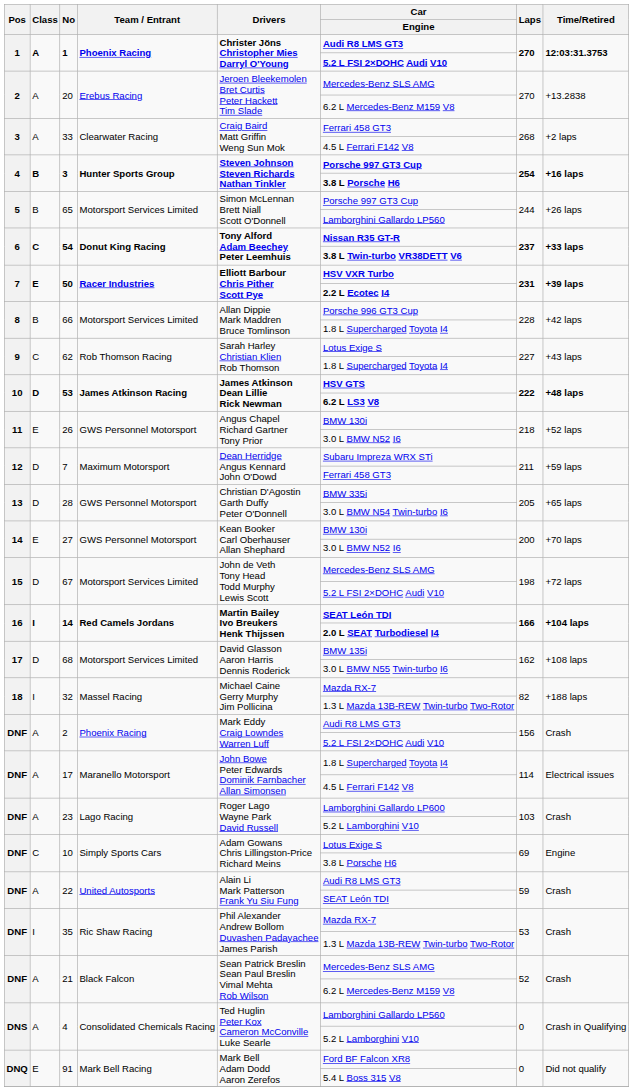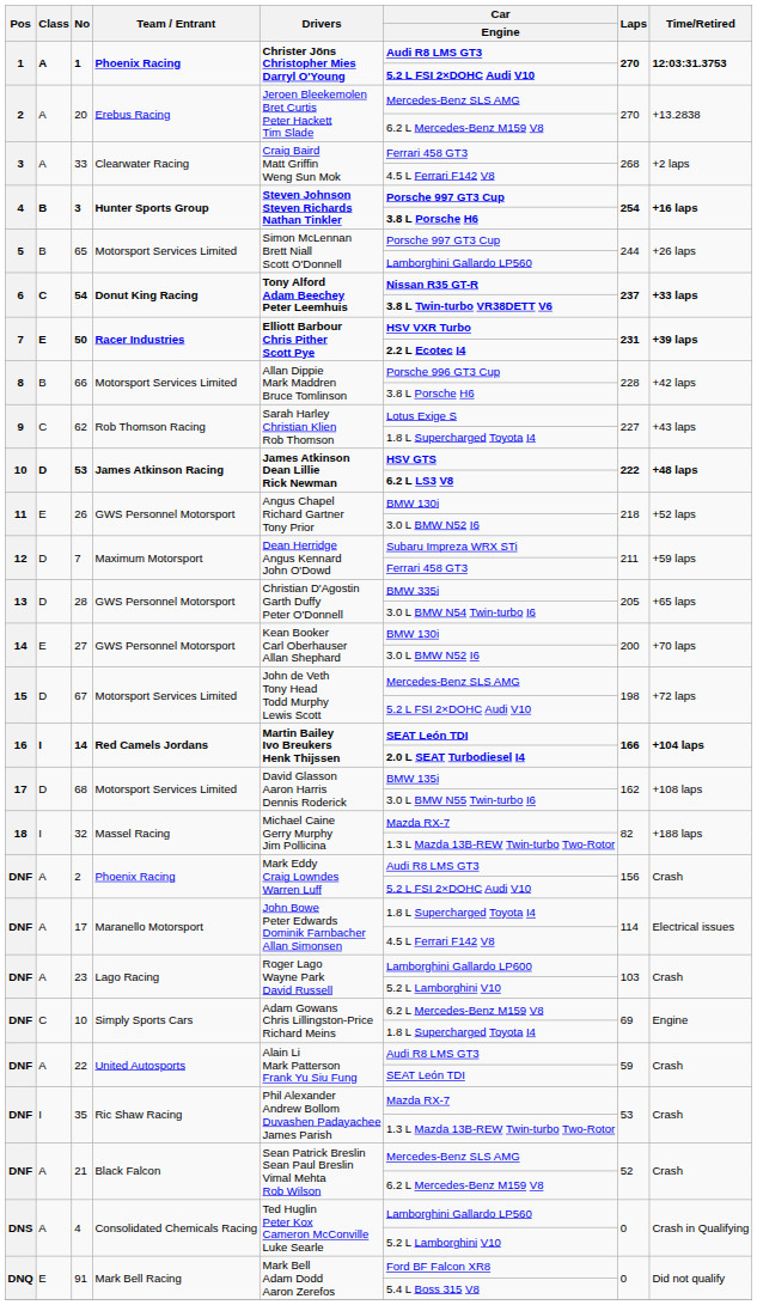 <table class="wikitable" style="font-size: 95%;">
 <tr>
 <th rowspan=2>Pos</th>
 <th rowspan=2>Class</th>
 <th rowspan=2>No</th>
 <th rowspan=2>Team / Entrant</th>
 <th rowspan=2>Drivers</th>
 <th>Car</th>
 <th rowspan=2>Laps</th>
 <th rowspan=2>Time/Retired</th>
 </tr>
 <tr>
 <th>Engine</th>
 </tr>
 <tr style="font-weight:bold">
 <th rowspan=2>1</th>
 <td rowspan=2>A</td>
 <td rowspan=2>1</td>
 <td rowspan=2> <a href='#'>Phoenix Racing</a></td>
 <td rowspan=2> Christer Jöns<br>  <a href='#'>Christopher Mies</a><br>  <a href='#'>Darryl O'Young</a></td>
 <td><a href='#'>Audi R8 LMS GT3</a></td>
 <td rowspan=2>270</td>
 <td rowspan=2>12:03:31.3753</td>
 </tr>
 <tr style="font-weight:bold">
 <td><a href='#'>5.2 L FSI 2×DOHC</a> <a href='#'>Audi</a> <a href='#'>V10</a></td>
 </tr>
 <tr>
 <th rowspan=2>2</th>
 <td rowspan=2>A</td>
 <td rowspan=2>20</td>
 <td rowspan=2> <a href='#'>Erebus Racing</a></td>
 <td rowspan=2> <a href='#'>Jeroen Bleekemolen</a><br>  <a href='#'>Bret Curtis</a><br>  <a href='#'>Peter Hackett</a><br>  <a href='#'>Tim Slade</a></td>
 <td><a href='#'>Mercedes-Benz SLS AMG</a></td>
 <td rowspan=2>270</td>
 <td rowspan=2>+13.2838</td>
 </tr>
 <tr>
 <td>6.2 L <a href='#'>Mercedes-Benz M159</a> <a href='#'>V8</a></td>
 </tr>
 <tr>
 <th rowspan=2>3</th>
 <td rowspan=2>A</td>
 <td rowspan=2>33</td>
 <td rowspan=2> Clearwater Racing</td>
 <td rowspan=2> <a href='#'>Craig Baird</a><br>  Matt Griffin<br>  Weng Sun Mok</td>
 <td><a href='#'>Ferrari 458 GT3</a></td>
 <td rowspan=2>268</td>
 <td rowspan=2>+2 laps</td>
 </tr>
 <tr>
 <td>4.5 L <a href='#'>Ferrari F142</a> <a href='#'>V8</a></td>
 </tr>
 <tr style="font-weight:bold">
 <th rowspan=2>4</th>
 <td rowspan=2>B</td>
 <td rowspan=2>3</td>
 <td rowspan=2> Hunter Sports Group</td>
 <td rowspan=2> <a href='#'>Steven Johnson</a><br>  <a href='#'>Steven Richards</a><br>  <a href='#'>Nathan Tinkler</a></td>
 <td><a href='#'>Porsche 997 GT3 Cup</a></td>
 <td rowspan=2>254</td>
 <td rowspan=2>+16 laps</td>
 </tr>
 <tr style="font-weight:bold">
 <td>3.8 L <a href='#'>Porsche</a> <a href='#'>H6</a></td>
 </tr>
 <tr>
 <th rowspan=2>5</th>
 <td rowspan=2>B</td>
 <td rowspan=2>65</td>
 <td rowspan=2> Motorsport Services Limited</td>
 <td rowspan=2> Simon McLennan<br>  Brett Niall<br>  Scott O'Donnell</td>
 <td><a href='#'>Porsche 997 GT3 Cup</a></td>
 <td rowspan=2>244</td>
 <td rowspan=2>+26 laps</td>
 </tr>
 <tr>
 <td><a href='#'>Lamborghini Gallardo LP560</a></td>
 </tr>
 <tr style="font-weight:bold">
 <th rowspan=2>6</th>
 <td rowspan=2>C</td>
 <td rowspan=2>54</td>
 <td rowspan=2> Donut King Racing</td>
 <td rowspan=2> Tony Alford<br>  <a href='#'>Adam Beechey</a><br> Peter Leemhuis</td>
 <td><a href='#'>Nissan R35 GT-R</a></td>
 <td rowspan=2>237</td>
 <td rowspan=2>+33 laps</td>
 </tr>
 <tr style="font-weight:bold">
 <td>3.8 L <a href='#'>Twin-turbo</a> <a href='#'>VR38DETT</a> <a href='#'>V6</a></td>
 </tr>
 <tr style="font-weight:bold">
 <th rowspan=2>7</th>
 <td rowspan=2>E</td>
 <td rowspan=2>50</td>
 <td rowspan=2> <a href='#'>Racer Industries</a></td>
 <td rowspan=2> Elliott Barbour<br> <a href='#'>Chris Pither</a><br> <a href='#'>Scott Pye</a></td>
 <td><a href='#'>HSV VXR Turbo</a></td>
 <td rowspan=2>231</td>
 <td rowspan=2>+39 laps</td>
 </tr>
 <tr style="font-weight:bold">
 <td>2.2 L <a href='#'>Ecotec</a> <a href='#'>I4</a></td>
 </tr>
 <tr>
 <th rowspan=2>8</th>
 <td rowspan=2>B</td>
 <td rowspan=2>66</td>
 <td rowspan=2> Motorsport Services Limited</td>
 <td rowspan=2> Allan Dippie<br>  Mark Maddren<br>  Bruce Tomlinson</td>
 <td><a href='#'>Porsche 996 GT3 Cup</a></td>
 <td rowspan=2>228</td>
 <td rowspan=2>+42 laps</td>
 </tr>
 <tr>
-<td>1.8 L <a href='#'>Supercharged</a> <a href='#'>Toyota</a> <a href='#'>I4</a></td>
+<td>3.8 L <a href='#'>Porsche</a> <a href='#'>H6</a></td>
 </tr>
 <tr>
 <th rowspan=2>9</th>
 <td rowspan=2>C</td>
 <td rowspan=2>62</td>
 <td rowspan=2> Rob Thomson Racing</td>
 <td rowspan=2> Sarah Harley<br>  <a href='#'>Christian Klien</a><br>  Rob Thomson</td>
 <td><a href='#'>Lotus Exige S</a></td>
 <td rowspan=2>227</td>
 <td rowspan=2>+43 laps</td>
 </tr>
 <tr>
 <td>1.8 L <a href='#'>Supercharged</a> <a href='#'>Toyota</a> <a href='#'>I4</a></td>
 </tr>
 <tr style="font-weight:bold">
 <th rowspan=2>10</th>
 <td rowspan=2>D</td>
 <td rowspan=2>53</td>
 <td rowspan=2> James Atkinson Racing</td>
 <td rowspan=2> James Atkinson<br>  Dean Lillie<br> Rick Newman</td>
 <td><a href='#'>HSV GTS</a></td>
 <td rowspan=2>222</td>
 <td rowspan=2>+48 laps</td>
 </tr>
 <tr style="font-weight:bold">
 <td>6.2 L <a href='#'>LS3</a> <a href='#'>V8</a></td>
 </tr>
 <tr>
 <th rowspan=2>11</th>
 <td rowspan=2>E</td>
 <td rowspan=2>26</td>
 <td rowspan=2> GWS Personnel Motorsport</td>
 <td rowspan=2> Angus Chapel<br>  Richard Gartner<br>  Tony Prior</td>
 <td><a href='#'>BMW 130i</a></td>
 <td rowspan=2>218</td>
 <td rowspan=2>+52 laps</td>
 </tr>
 <tr>
 <td>3.0 L <a href='#'>BMW N52</a> <a href='#'>I6</a></td>
 </tr>
 <tr>
 <th rowspan=2>12</th>
 <td rowspan=2>D</td>
 <td rowspan=2>7</td>
 <td rowspan=2> Maximum Motorsport</td>
 <td rowspan=2> <a href='#'>Dean Herridge</a><br>  Angus Kennard<br>  John O'Dowd</td>
 <td><a href='#'>Subaru Impreza WRX STi</a></td>
 <td rowspan=2>211</td>
 <td rowspan=2>+59 laps</td>
 </tr>
 <tr>
 <td><a href='#'>Ferrari 458 GT3</a></td>
 </tr>
 <tr>
 <th rowspan=2>13</th>
 <td rowspan=2>D</td>
 <td rowspan=2>28</td>
 <td rowspan=2> GWS Personnel Motorsport</td>
 <td rowspan=2> Christian D'Agostin<br>  Garth Duffy<br> Peter O'Donnell</td>
 <td><a href='#'>BMW 335i</a></td>
 <td rowspan=2>205</td>
 <td rowspan=2>+65 laps</td>
 </tr>
 <tr>
 <td>3.0 L <a href='#'>BMW N54</a> <a href='#'>Twin-turbo</a> <a href='#'>I6</a></td>
 </tr>
 <tr>
 <th rowspan=2>14</th>
 <td rowspan=2>E</td>
 <td rowspan=2>27</td>
 <td rowspan=2> GWS Personnel Motorsport</td>
 <td rowspan=2> Kean Booker<br>  Carl Oberhauser<br>  Allan Shephard</td>
 <td><a href='#'>BMW 130i</a></td>
 <td rowspan=2>200</td>
 <td rowspan=2>+70 laps</td>
 </tr>
 <tr>
 <td>3.0 L <a href='#'>BMW N52</a> <a href='#'>I6</a></td>
 </tr>
 <tr>
 <th rowspan=2>15</th>
 <td rowspan=2>D</td>
 <td rowspan=2>67</td>
 <td rowspan=2> Motorsport Services Limited</td>
 <td rowspan=2> John de Veth<br>  Tony Head<br> Todd Murphy<br> Lewis Scott</td>
 <td><a href='#'>Mercedes-Benz SLS AMG</a></td>
 <td rowspan=2>198</td>
 <td rowspan=2>+72 laps</td>
 </tr>
 <tr>
 <td><a href='#'>5.2 L FSI 2×DOHC</a> <a href='#'>Audi</a> <a href='#'>V10</a></td>
 </tr>
 <tr style="font-weight:bold">
 <th rowspan=2>16</th>
 <td rowspan=2>I</td>
 <td rowspan=2>14</td>
 <td rowspan=2> Red Camels Jordans</td>
 <td rowspan=2> Martin Bailey<br>  Ivo Breukers<br>  Henk Thijssen</td>
 <td><a href='#'>SEAT León TDI</a></td>
 <td rowspan=2>166</td>
 <td rowspan=2>+104 laps</td>
 </tr>
 <tr style="font-weight:bold">
 <td>2.0 L <a href='#'>SEAT</a> <a href='#'>Turbodiesel</a> <a href='#'>I4</a></td>
 </tr>
 <tr>
 <th rowspan=2>17</th>
 <td rowspan=2>D</td>
 <td rowspan=2>68</td>
 <td rowspan=2> Motorsport Services Limited</td>
 <td rowspan=2> David Glasson<br>  Aaron Harris<br> Dennis Roderick</td>
 <td><a href='#'>BMW 135i</a></td>
 <td rowspan=2>162</td>
 <td rowspan=2>+108 laps</td>
 </tr>
 <tr>
 <td>3.0 L <a href='#'>BMW N55</a> <a href='#'>Twin-turbo</a> <a href='#'>I6</a></td>
 </tr>
 <tr>
 <th rowspan=2>18</th>
 <td rowspan=2>I</td>
 <td rowspan=2>32</td>
 <td rowspan=2> Massel Racing</td>
 <td rowspan=2> Michael Caine<br>  Gerry Murphy<br>  Jim Pollicina</td>
 <td><a href='#'>Mazda RX-7</a></td>
 <td rowspan=2>82</td>
 <td rowspan=2>+188 laps</td>
 </tr>
 <tr>
 <td>1.3 L <a href='#'>Mazda 13B-REW</a> <a href='#'>Twin-turbo</a> <a href='#'>Two-Rotor</a></td>
 </tr>
 <tr>
 <th rowspan=2>DNF</th>
 <td rowspan=2>A</td>
 <td rowspan=2>2</td>
 <td rowspan=2> <a href='#'>Phoenix Racing</a></td>
 <td rowspan=2> Mark Eddy<br>  <a href='#'>Craig Lowndes</a><br>  <a href='#'>Warren Luff</a></td>
 <td><a href='#'>Audi R8 LMS GT3</a></td>
 <td rowspan=2>156</td>
 <td rowspan=2>Crash</td>
 </tr>
 <tr>
 <td><a href='#'>5.2 L FSI 2×DOHC</a> <a href='#'>Audi</a> <a href='#'>V10</a></td>
 </tr>
 <tr>
 <th rowspan=2>DNF</th>
 <td rowspan=2>A</td>
 <td rowspan=2>17</td>
 <td rowspan=2> Maranello Motorsport</td>
 <td rowspan=2> <a href='#'>John Bowe</a><br> Peter Edwards<br>  <a href='#'>Dominik Farnbacher</a><br>  <a href='#'>Allan Simonsen</a></td>
 <td>1.8 L <a href='#'>Supercharged</a> <a href='#'>Toyota</a> <a href='#'>I4</a></td>
 <td rowspan=2>114</td>
 <td rowspan=2>Electrical issues</td>
 </tr>
 <tr>
 <td>4.5 L <a href='#'>Ferrari F142</a> <a href='#'>V8</a></td>
 </tr>
 <tr>
 <th rowspan=2>DNF</th>
 <td rowspan=2>A</td>
 <td rowspan=2>23</td>
 <td rowspan=2> Lago Racing</td>
 <td rowspan=2> Roger Lago<br> Wayne Park<br>  <a href='#'>David Russell</a></td>
 <td><a href='#'>Lamborghini Gallardo LP600</a></td>
 <td rowspan=2>103</td>
 <td rowspan=2>Crash</td>
 </tr>
 <tr>
 <td>5.2 L <a href='#'>Lamborghini</a> <a href='#'>V10</a></td>
 </tr>
 <tr>
 <th rowspan=2>DNF</th>
 <td rowspan=2>C</td>
 <td rowspan=2>10</td>
 <td rowspan=2> Simply Sports Cars</td>
 <td rowspan=2> Adam Gowans<br>  Chris Lillingston-Price<br>  Richard Meins</td>
-<td><a href='#'>Lotus Exige S</a></td>
+<td>6.2 L <a href='#'>Mercedes-Benz M159</a> <a href='#'>V8</a></td>
 <td rowspan=2>69</td>
 <td rowspan=2>Engine</td>
 </tr>
 <tr>
-<td>3.8 L <a href='#'>Porsche</a> <a href='#'>H6</a></td>
+<td>1.8 L <a href='#'>Supercharged</a> <a href='#'>Toyota</a> <a href='#'>I4</a></td>
 </tr>
 <tr>
 <th rowspan=2>DNF</th>
 <td rowspan=2>A</td>
 <td rowspan=2>22</td>
 <td rowspan=2> <a href='#'>United Autosports</a></td>
 <td rowspan=2> Alain Li<br>  Mark Patterson<br>  <a href='#'>Frank Yu Siu Fung</a></td>
 <td><a href='#'>Audi R8 LMS GT3</a></td>
 <td rowspan=2>59</td>
 <td rowspan=2>Crash</td>
 </tr>
 <tr>
 <td><a href='#'>SEAT León TDI</a></td>
 </tr>
 <tr>
 <th rowspan=2>DNF</th>
 <td rowspan=2>I</td>
 <td rowspan=2>35</td>
 <td rowspan=2> Ric Shaw Racing</td>
 <td rowspan=2> Phil Alexander<br>  Andrew Bollom<br>  <a href='#'>Duvashen Padayachee</a><br>  James Parish</td>
 <td><a href='#'>Mazda RX-7</a></td>
 <td rowspan=2>53</td>
 <td rowspan=2>Crash</td>
 </tr>
 <tr>
 <td>1.3 L <a href='#'>Mazda 13B-REW</a> <a href='#'>Twin-turbo</a> <a href='#'>Two-Rotor</a></td>
 </tr>
 <tr>
 <th rowspan=2>DNF</th>
 <td rowspan=2>A</td>
 <td rowspan=2>21</td>
 <td rowspan=2> Black Falcon</td>
 <td rowspan=2> Sean Patrick Breslin<br>  Sean Paul Breslin<br>  Vimal Mehta<br>  <a href='#'>Rob Wilson</a></td>
 <td><a href='#'>Mercedes-Benz SLS AMG</a></td>
 <td rowspan=2>52</td>
 <td rowspan=2>Crash</td>
 </tr>
 <tr>
 <td>6.2 L <a href='#'>Mercedes-Benz M159</a> <a href='#'>V8</a></td>
 </tr>
 <tr>
 <th rowspan=2>DNS</th>
 <td rowspan=2>A</td>
 <td rowspan=2>4</td>
 <td rowspan=2> Consolidated Chemicals Racing</td>
 <td rowspan=2> Ted Huglin<br>  <a href='#'>Peter Kox</a><br>  <a href='#'>Cameron McConville</a><br>  Luke Searle</td>
 <td><a href='#'>Lamborghini Gallardo LP560</a></td>
 <td rowspan=2>0</td>
 <td rowspan=2>Crash in Qualifying</td>
 </tr>
 <tr>
 <td>5.2 L <a href='#'>Lamborghini</a> <a href='#'>V10</a></td>
 </tr>
 <tr>
 <th rowspan=2>DNQ</th>
 <td rowspan=2>E</td>
 <td rowspan=2>91</td>
 <td rowspan=2> Mark Bell Racing</td>
 <td rowspan=2> Mark Bell<br>  Adam Dodd<br>  Aaron Zerefos</td>
 <td><a href='#'>Ford BF Falcon XR8</a></td>
 <td rowspan=2>0</td>
 <td rowspan=2>Did not qualify</td>
 </tr>
 <tr>
 <td>5.4 L <a href='#'>Boss 315</a> <a href='#'>V8</a></td>
 </tr>
 <tr>
 </tr>
 </table>
